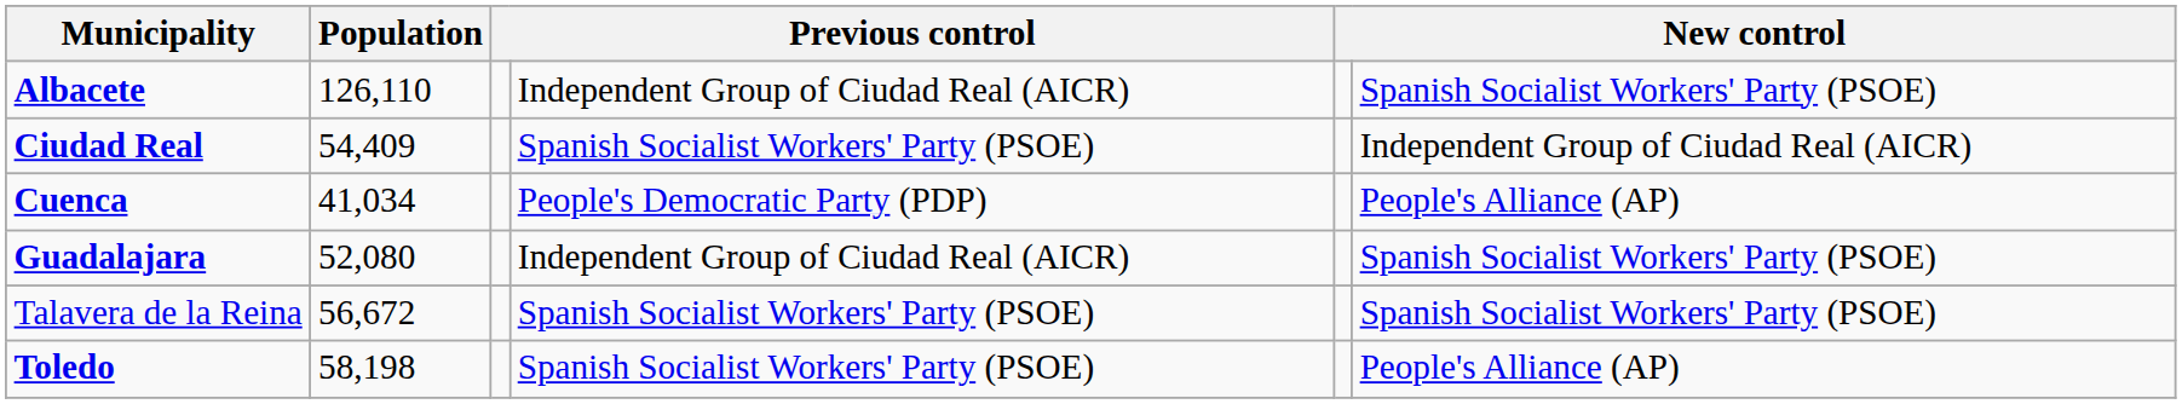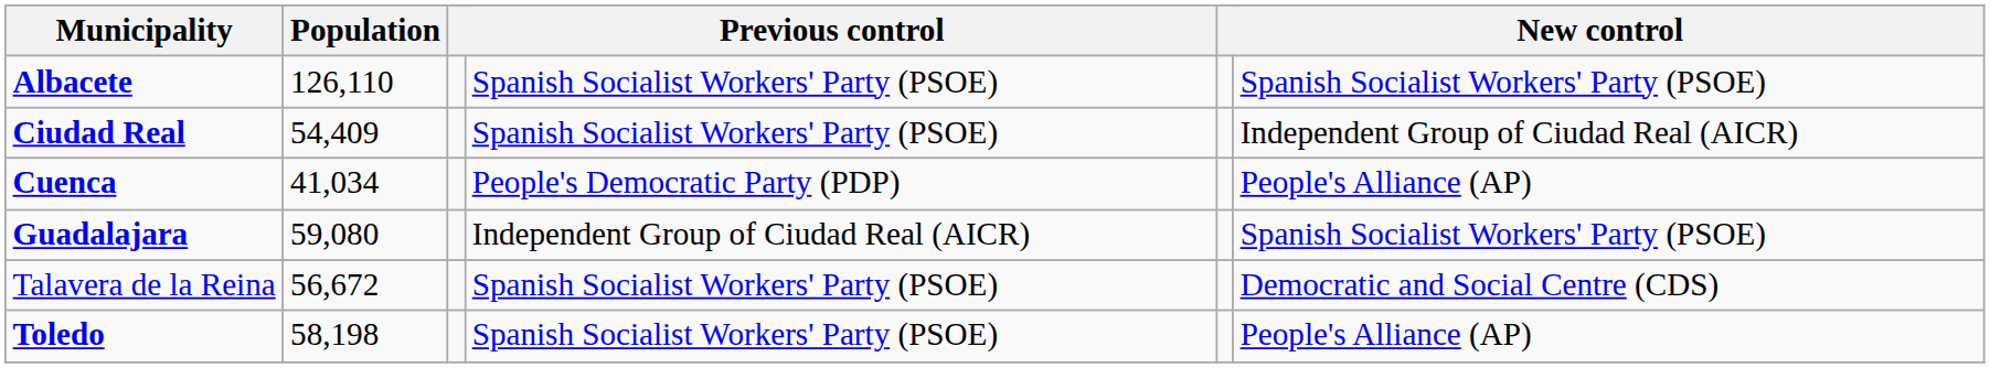 <table class="wikitable sortable">
 <tr>
 <th>Municipality</th>
 <th>Population</th>
 <th colspan="2" style="width:375px;">Previous control</th>
 <th colspan="2" style="width:375px;">New control</th>
 </tr>
 <tr>
 <td><strong><a href='#'>Albacete</a></strong></td>
 <td>126,110</td>
 <td width="1" style="color:inherit;background:"></td>
-<td>Independent Group of Ciudad Real (AICR)</td>
+<td><a href='#'>Spanish Socialist Workers' Party</a> (PSOE)</td>
 <td width="1" style="color:inherit;background:"></td>
 <td><a href='#'>Spanish Socialist Workers' Party</a> (PSOE)</td>
 </tr>
 <tr>
 <td><strong><a href='#'>Ciudad Real</a></strong></td>
 <td>54,409</td>
 <td style="color:inherit;background:"></td>
 <td><a href='#'>Spanish Socialist Workers' Party</a> (PSOE)</td>
 <td style="color:inherit;background:"></td>
 <td>Independent Group of Ciudad Real (AICR) </td>
 </tr>
 <tr>
 <td><strong><a href='#'>Cuenca</a></strong></td>
 <td>41,034</td>
 <td style="color:inherit;background:"></td>
 <td><a href='#'>People's Democratic Party</a> (PDP)</td>
 <td style="color:inherit;background:"></td>
 <td><a href='#'>People's Alliance</a> (AP)</td>
 </tr>
 <tr>
 <td><strong><a href='#'>Guadalajara</a></strong></td>
-<td>52,080</td>
+<td>59,080</td>
 <td style="color:inherit;background:"></td>
 <td>Independent Group of Ciudad Real (AICR)</td>
 <td style="color:inherit;background:"></td>
 <td><a href='#'>Spanish Socialist Workers' Party</a> (PSOE)</td>
 </tr>
 <tr>
 <td><a href='#'>Talavera de la Reina</a></td>
 <td>56,672</td>
 <td style="color:inherit;background:"></td>
 <td><a href='#'>Spanish Socialist Workers' Party</a> (PSOE)</td>
 <td style="color:inherit;background:"></td>
-<td><a href='#'>Spanish Socialist Workers' Party</a> (PSOE)</td>
+<td><a href='#'>Democratic and Social Centre</a> (CDS)</td>
 </tr>
 <tr>
 <td><strong><a href='#'>Toledo</a></strong></td>
 <td>58,198</td>
 <td style="color:inherit;background:"></td>
 <td><a href='#'>Spanish Socialist Workers' Party</a> (PSOE)</td>
 <td style="color:inherit;background:"></td>
 <td><a href='#'>People's Alliance</a> (AP)</td>
 </tr>
 </table>
